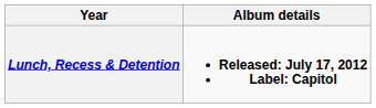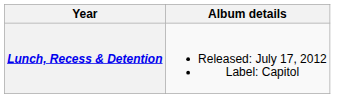 <table class="wikitable plainrowheaders" style="text-align:center;">
 <tr>
 <th>Year</th>
 <th>Album details</th>
 </tr>
 <tr>
 <th scope="row"><em><a href='#'>Lunch, Recess & Detention</a></em></th>
-<td><strong><br><ul><li>Released: July 17, 2012</li><li>Label: Capitol</li></ul></strong></td>
+<td><br><ul><li>Released: July 17, 2012</li><li>Label: Capitol</li></ul></td>
 </tr>
 </table>
